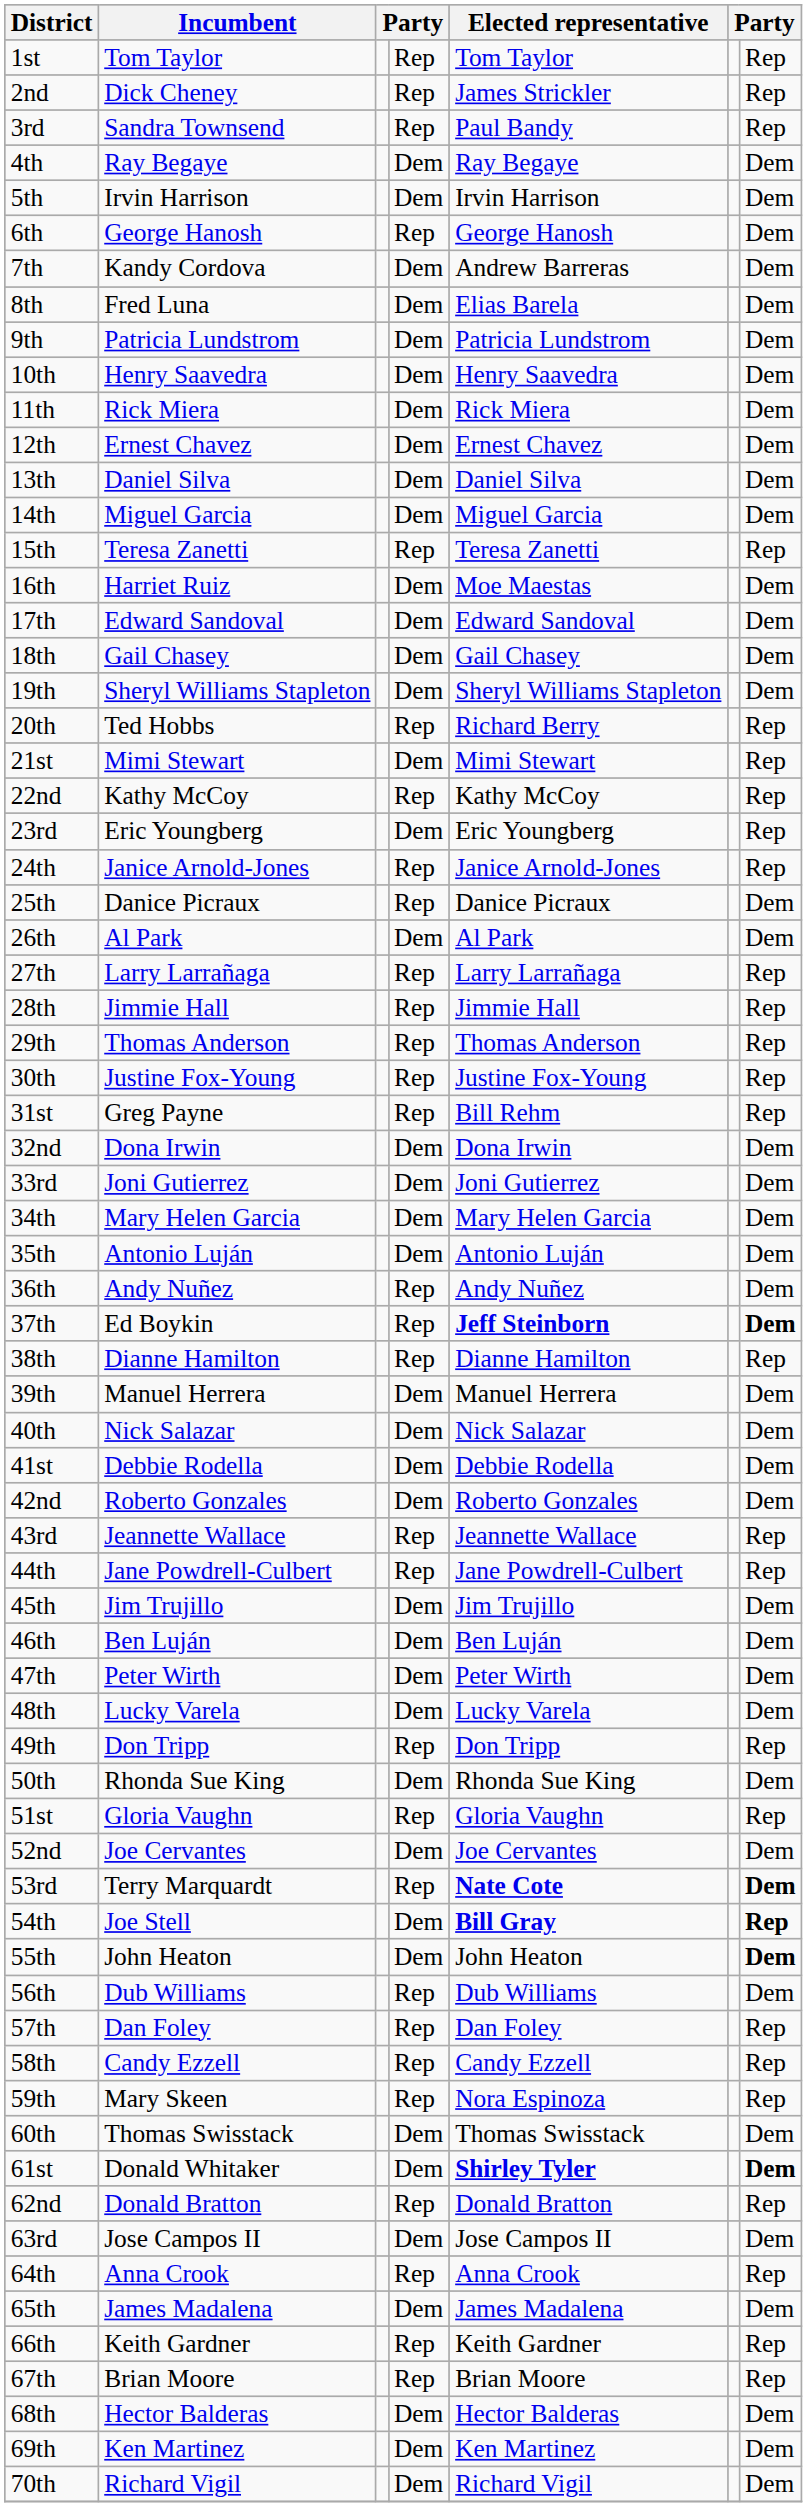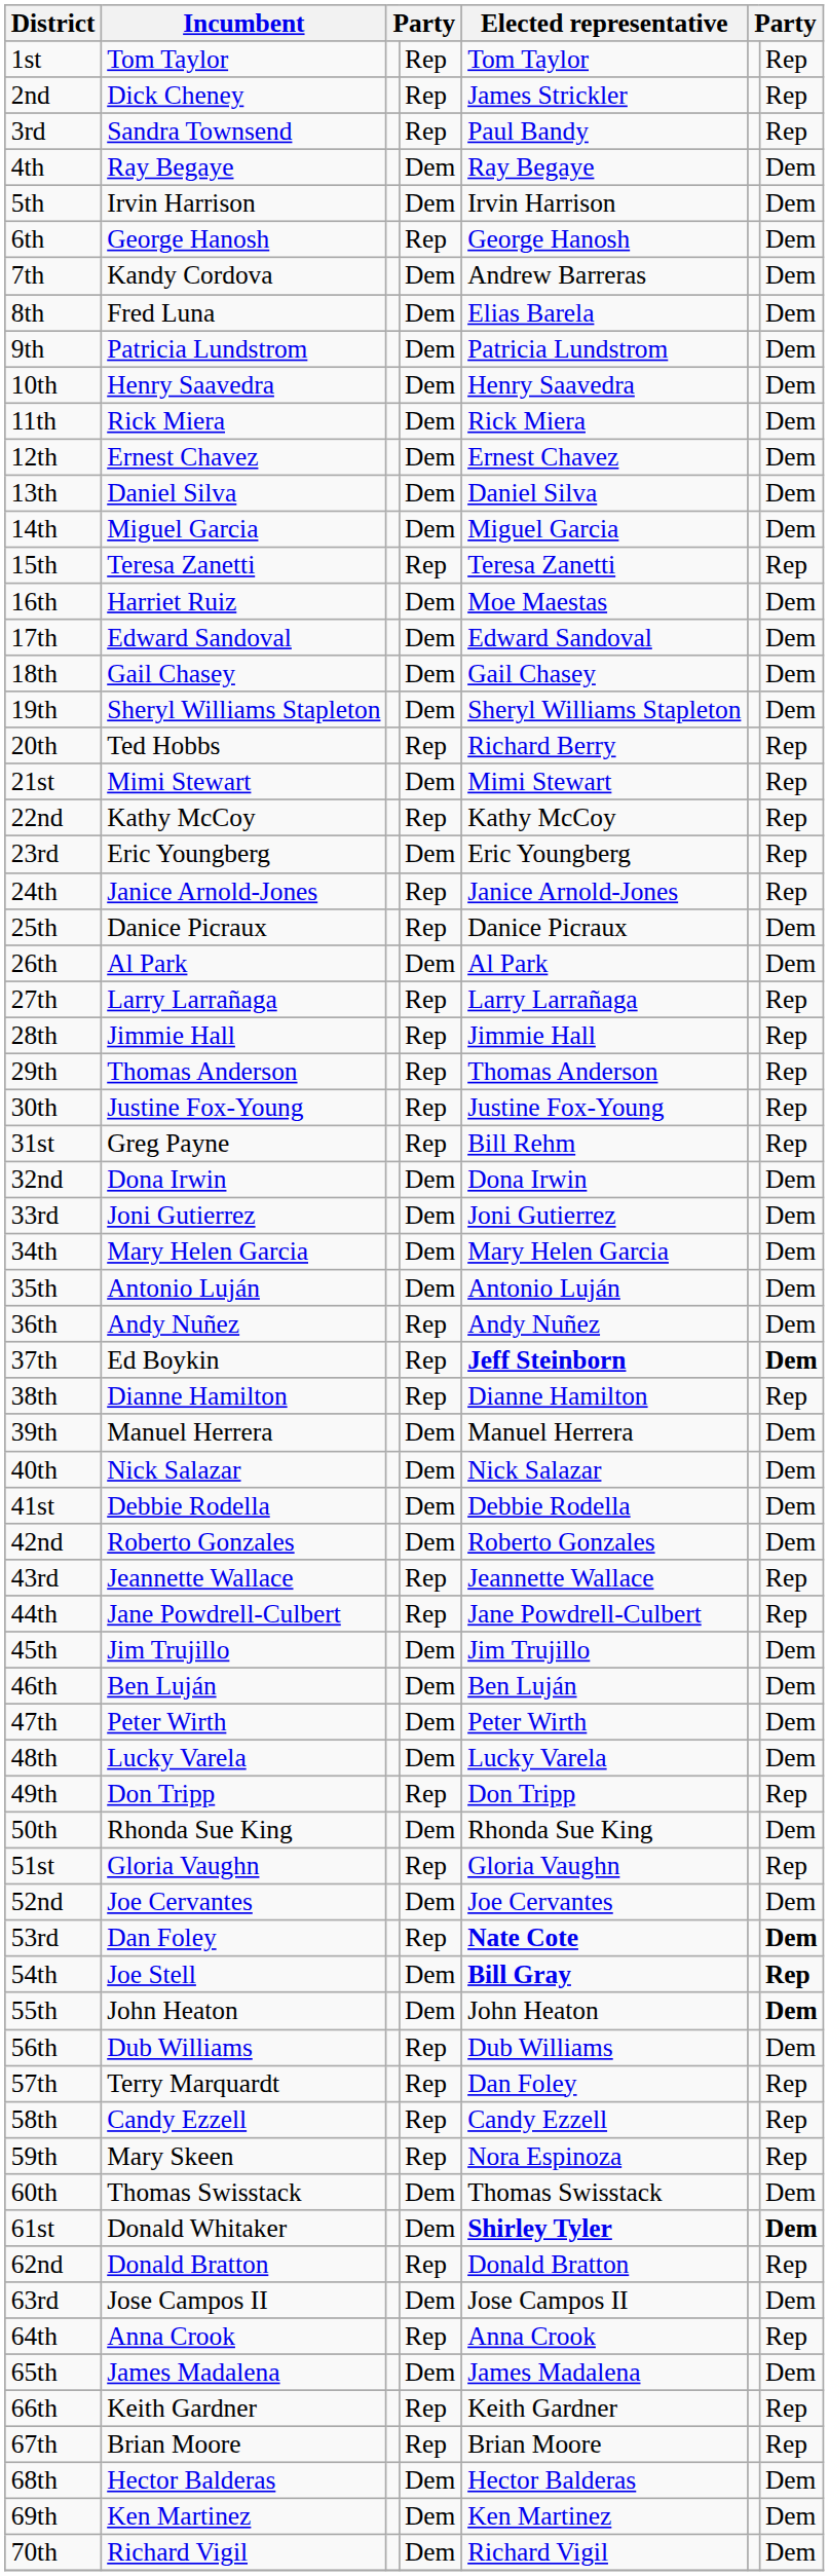 <table class=wikitable style="font-size:95%;line-height:14px;">
 <tr>
 <th>District</th>
 <th><a href='#'>Incumbent</a></th>
 <th colspan=2>Party</th>
 <th>Elected representative</th>
 <th colspan=2>Party</th>
 </tr>
 <tr>
 <td>1st</td>
 <td><a href='#'>Tom Taylor</a></td>
 <td style="background:"></td>
 <td>Rep</td>
 <td><a href='#'>Tom Taylor</a></td>
 <td style="background:"></td>
 <td>Rep</td>
 </tr>
 <tr>
 <td>2nd</td>
 <td><a href='#'>Dick Cheney</a></td>
 <td style="background:"></td>
 <td>Rep</td>
 <td><a href='#'>James Strickler</a></td>
 <td style="background:"></td>
 <td>Rep</td>
 </tr>
 <tr>
 <td>3rd</td>
 <td><a href='#'>Sandra Townsend</a></td>
 <td style="background:"></td>
 <td>Rep</td>
 <td><a href='#'>Paul Bandy</a></td>
 <td style="background:"></td>
 <td>Rep</td>
 </tr>
 <tr>
 <td>4th</td>
 <td><a href='#'>Ray Begaye</a></td>
 <td style="background:"></td>
 <td>Dem</td>
 <td><a href='#'>Ray Begaye</a></td>
 <td style="background:"></td>
 <td>Dem</td>
 </tr>
 <tr>
 <td>5th</td>
 <td>Irvin Harrison</td>
 <td style="background:"></td>
 <td>Dem</td>
 <td>Irvin Harrison</td>
 <td style="background:"></td>
 <td>Dem</td>
 </tr>
 <tr>
 <td>6th</td>
 <td><a href='#'>George Hanosh</a></td>
 <td style="background:"></td>
 <td>Rep</td>
 <td><a href='#'>George Hanosh</a></td>
 <td style="background:"></td>
 <td>Dem</td>
 </tr>
 <tr>
 <td>7th</td>
 <td>Kandy Cordova</td>
 <td style="background:"></td>
 <td>Dem</td>
 <td>Andrew Barreras</td>
 <td style="background:"></td>
 <td>Dem</td>
 </tr>
 <tr>
 <td>8th</td>
 <td>Fred Luna</td>
 <td style="background:"></td>
 <td>Dem</td>
 <td><a href='#'>Elias Barela</a></td>
 <td style="background:"></td>
 <td>Dem</td>
 </tr>
 <tr>
 <td>9th</td>
 <td><a href='#'>Patricia Lundstrom</a></td>
 <td style="background:"></td>
 <td>Dem</td>
 <td><a href='#'>Patricia Lundstrom</a></td>
 <td style="background:"></td>
 <td>Dem</td>
 </tr>
 <tr>
 <td>10th</td>
 <td><a href='#'>Henry Saavedra</a></td>
 <td style="background:"></td>
 <td>Dem</td>
 <td><a href='#'>Henry Saavedra</a></td>
 <td style="background:"></td>
 <td>Dem</td>
 </tr>
 <tr>
 <td>11th</td>
 <td><a href='#'>Rick Miera</a></td>
 <td style="background:"></td>
 <td>Dem</td>
 <td><a href='#'>Rick Miera</a></td>
 <td style="background:"></td>
 <td>Dem</td>
 </tr>
 <tr>
 <td>12th</td>
 <td><a href='#'>Ernest Chavez</a></td>
 <td style="background:"></td>
 <td>Dem</td>
 <td><a href='#'>Ernest Chavez</a></td>
 <td style="background:"></td>
 <td>Dem</td>
 </tr>
 <tr>
 <td>13th</td>
 <td><a href='#'>Daniel Silva</a></td>
 <td style="background:"></td>
 <td>Dem</td>
 <td><a href='#'>Daniel Silva</a></td>
 <td style="background:"></td>
 <td>Dem</td>
 </tr>
 <tr>
 <td>14th</td>
 <td><a href='#'>Miguel Garcia</a></td>
 <td style="background:"></td>
 <td>Dem</td>
 <td><a href='#'>Miguel Garcia</a></td>
 <td style="background:"></td>
 <td>Dem</td>
 </tr>
 <tr>
 <td>15th</td>
 <td><a href='#'>Teresa Zanetti</a></td>
 <td style="background:"></td>
 <td>Rep</td>
 <td><a href='#'>Teresa Zanetti</a></td>
 <td style="background:"></td>
 <td>Rep</td>
 </tr>
 <tr>
 <td>16th</td>
 <td><a href='#'>Harriet Ruiz</a></td>
 <td style="background:"></td>
 <td>Dem</td>
 <td><a href='#'>Moe Maestas</a></td>
 <td style="background:"></td>
 <td>Dem</td>
 </tr>
 <tr>
 <td>17th</td>
 <td><a href='#'>Edward Sandoval</a></td>
 <td style="background:"></td>
 <td>Dem</td>
 <td><a href='#'>Edward Sandoval</a></td>
 <td style="background:"></td>
 <td>Dem</td>
 </tr>
 <tr>
 <td>18th</td>
 <td><a href='#'>Gail Chasey</a></td>
 <td style="background:"></td>
 <td>Dem</td>
 <td><a href='#'>Gail Chasey</a></td>
 <td style="background:"></td>
 <td>Dem</td>
 </tr>
 <tr>
 <td>19th</td>
 <td><a href='#'>Sheryl Williams Stapleton</a></td>
 <td style="background:"></td>
 <td>Dem</td>
 <td><a href='#'>Sheryl Williams Stapleton</a></td>
 <td style="background:"></td>
 <td>Dem</td>
 </tr>
 <tr>
 <td>20th</td>
 <td>Ted Hobbs</td>
 <td style="background:"></td>
 <td>Rep</td>
 <td><a href='#'>Richard Berry</a></td>
 <td style="background:"></td>
 <td>Rep</td>
 </tr>
 <tr>
 <td>21st</td>
 <td><a href='#'>Mimi Stewart</a></td>
 <td style="background:"></td>
 <td>Dem</td>
 <td><a href='#'>Mimi Stewart</a></td>
 <td style="background:"></td>
 <td>Rep</td>
 </tr>
 <tr>
 <td>22nd</td>
 <td>Kathy McCoy</td>
 <td style="background:"></td>
 <td>Rep</td>
 <td>Kathy McCoy</td>
 <td style="background:"></td>
 <td>Rep</td>
 </tr>
 <tr>
 <td>23rd</td>
 <td>Eric Youngberg</td>
 <td style="background:"></td>
 <td>Dem</td>
 <td>Eric Youngberg</td>
 <td style="background:"></td>
 <td>Rep</td>
 </tr>
 <tr>
 <td>24th</td>
 <td><a href='#'>Janice Arnold-Jones</a></td>
 <td style="background:"></td>
 <td>Rep</td>
 <td><a href='#'>Janice Arnold-Jones</a></td>
 <td style="background:"></td>
 <td>Rep</td>
 </tr>
 <tr>
 <td>25th</td>
 <td>Danice Picraux</td>
 <td style="background:"></td>
 <td>Rep</td>
 <td>Danice Picraux</td>
 <td style="background:"></td>
 <td>Dem</td>
 </tr>
 <tr>
 <td>26th</td>
 <td><a href='#'>Al Park</a></td>
 <td style="background:"></td>
 <td>Dem</td>
 <td><a href='#'>Al Park</a></td>
 <td style="background:"></td>
 <td>Dem</td>
 </tr>
 <tr>
 <td>27th</td>
 <td><a href='#'>Larry Larrañaga</a></td>
 <td style="background:"></td>
 <td>Rep</td>
 <td><a href='#'>Larry Larrañaga</a></td>
 <td style="background:"></td>
 <td>Rep</td>
 </tr>
 <tr>
 <td>28th</td>
 <td><a href='#'>Jimmie Hall</a></td>
 <td style="background:"></td>
 <td>Rep</td>
 <td><a href='#'>Jimmie Hall</a></td>
 <td style="background:"></td>
 <td>Rep</td>
 </tr>
 <tr>
 <td>29th</td>
 <td><a href='#'>Thomas Anderson</a></td>
 <td style="background:"></td>
 <td>Rep</td>
 <td><a href='#'>Thomas Anderson</a></td>
 <td style="background:"></td>
 <td>Rep</td>
 </tr>
 <tr>
 <td>30th</td>
 <td><a href='#'>Justine Fox-Young</a></td>
 <td style="background:"></td>
 <td>Rep</td>
 <td><a href='#'>Justine Fox-Young</a></td>
 <td style="background:"></td>
 <td>Rep</td>
 </tr>
 <tr>
 <td>31st</td>
 <td>Greg Payne</td>
 <td style="background:"></td>
 <td>Rep</td>
 <td><a href='#'>Bill Rehm</a></td>
 <td style="background:"></td>
 <td>Rep</td>
 </tr>
 <tr>
 <td>32nd</td>
 <td><a href='#'>Dona Irwin</a></td>
 <td style="background:"></td>
 <td>Dem</td>
 <td><a href='#'>Dona Irwin</a></td>
 <td style="background:"></td>
 <td>Dem</td>
 </tr>
 <tr>
 <td>33rd</td>
 <td><a href='#'>Joni Gutierrez</a></td>
 <td style="background:"></td>
 <td>Dem</td>
 <td><a href='#'>Joni Gutierrez</a></td>
 <td style="background:"></td>
 <td>Dem</td>
 </tr>
 <tr>
 <td>34th</td>
 <td><a href='#'>Mary Helen Garcia</a></td>
 <td style="background:"></td>
 <td>Dem</td>
 <td><a href='#'>Mary Helen Garcia</a></td>
 <td style="background:"></td>
 <td>Dem</td>
 </tr>
 <tr>
 <td>35th</td>
 <td><a href='#'>Antonio Luján</a></td>
 <td style="background:"></td>
 <td>Dem</td>
 <td><a href='#'>Antonio Luján</a></td>
 <td style="background:"></td>
 <td>Dem</td>
 </tr>
 <tr>
 <td>36th</td>
 <td><a href='#'>Andy Nuñez</a></td>
 <td style="background:"></td>
 <td>Rep</td>
 <td><a href='#'>Andy Nuñez</a></td>
 <td style="background:"></td>
 <td>Dem</td>
 </tr>
 <tr>
 <td>37th</td>
 <td>Ed Boykin</td>
 <td style="background:"></td>
 <td>Rep</td>
 <td><strong><a href='#'>Jeff Steinborn</a></strong></td>
 <td style="background:"></td>
 <td><strong>Dem</strong></td>
 </tr>
 <tr>
 <td>38th</td>
 <td><a href='#'>Dianne Hamilton</a></td>
 <td style="background:"></td>
 <td>Rep</td>
 <td><a href='#'>Dianne Hamilton</a></td>
 <td style="background:"></td>
 <td>Rep</td>
 </tr>
 <tr>
 <td>39th</td>
 <td>Manuel Herrera</td>
 <td style="background:"></td>
 <td>Dem</td>
 <td>Manuel Herrera</td>
 <td style="background:"></td>
 <td>Dem</td>
 </tr>
 <tr>
 <td>40th</td>
 <td><a href='#'>Nick Salazar</a></td>
 <td style="background:"></td>
 <td>Dem</td>
 <td><a href='#'>Nick Salazar</a></td>
 <td style="background:"></td>
 <td>Dem</td>
 </tr>
 <tr>
 <td>41st</td>
 <td><a href='#'>Debbie Rodella</a></td>
 <td style="background:"></td>
 <td>Dem</td>
 <td><a href='#'>Debbie Rodella</a></td>
 <td style="background:"></td>
 <td>Dem</td>
 </tr>
 <tr>
 <td>42nd</td>
 <td><a href='#'>Roberto Gonzales</a></td>
 <td style="background:"></td>
 <td>Dem</td>
 <td><a href='#'>Roberto Gonzales</a></td>
 <td style="background:"></td>
 <td>Dem</td>
 </tr>
 <tr>
 <td>43rd</td>
 <td><a href='#'>Jeannette Wallace</a></td>
 <td style="background:"></td>
 <td>Rep</td>
 <td><a href='#'>Jeannette Wallace</a></td>
 <td style="background:"></td>
 <td>Rep</td>
 </tr>
 <tr>
 <td>44th</td>
 <td><a href='#'>Jane Powdrell-Culbert</a></td>
 <td style="background:"></td>
 <td>Rep</td>
 <td><a href='#'>Jane Powdrell-Culbert</a></td>
 <td style="background:"></td>
 <td>Rep</td>
 </tr>
 <tr>
 <td>45th</td>
 <td><a href='#'>Jim Trujillo</a></td>
 <td style="background:"></td>
 <td>Dem</td>
 <td><a href='#'>Jim Trujillo</a></td>
 <td style="background:"></td>
 <td>Dem</td>
 </tr>
 <tr>
 <td>46th</td>
 <td><a href='#'>Ben Luján</a></td>
 <td style="background:"></td>
 <td>Dem</td>
 <td><a href='#'>Ben Luján</a></td>
 <td style="background:"></td>
 <td>Dem</td>
 </tr>
 <tr>
 <td>47th</td>
 <td><a href='#'>Peter Wirth</a></td>
 <td style="background:"></td>
 <td>Dem</td>
 <td><a href='#'>Peter Wirth</a></td>
 <td style="background:"></td>
 <td>Dem</td>
 </tr>
 <tr>
 <td>48th</td>
 <td><a href='#'>Lucky Varela</a></td>
 <td style="background:"></td>
 <td>Dem</td>
 <td><a href='#'>Lucky Varela</a></td>
 <td style="background:"></td>
 <td>Dem</td>
 </tr>
 <tr>
 <td>49th</td>
 <td><a href='#'>Don Tripp</a></td>
 <td style="background:"></td>
 <td>Rep</td>
 <td><a href='#'>Don Tripp</a></td>
 <td style="background:"></td>
 <td>Rep</td>
 </tr>
 <tr>
 <td>50th</td>
 <td>Rhonda Sue King</td>
 <td style="background:"></td>
 <td>Dem</td>
 <td>Rhonda Sue King</td>
 <td style="background:"></td>
 <td>Dem</td>
 </tr>
 <tr>
 <td>51st</td>
 <td><a href='#'>Gloria Vaughn</a></td>
 <td style="background:"></td>
 <td>Rep</td>
 <td><a href='#'>Gloria Vaughn</a></td>
 <td style="background:"></td>
 <td>Rep</td>
 </tr>
 <tr>
 <td>52nd</td>
 <td><a href='#'>Joe Cervantes</a></td>
 <td style="background:"></td>
 <td>Dem</td>
 <td><a href='#'>Joe Cervantes</a></td>
 <td style="background:"></td>
 <td>Dem</td>
 </tr>
 <tr>
 <td>53rd</td>
-<td>Terry Marquardt</td>
+<td><a href='#'>Dan Foley</a></td>
 <td style="background:"></td>
 <td>Rep</td>
 <td><strong><a href='#'>Nate Cote</a></strong></td>
 <td style="background:"></td>
 <td><strong>Dem</strong></td>
 </tr>
 <tr>
 <td>54th</td>
 <td><a href='#'>Joe Stell</a></td>
 <td style="background:"></td>
 <td>Dem</td>
 <td><strong><a href='#'>Bill Gray</a></strong></td>
 <td style="background:"></td>
 <td><strong>Rep</strong></td>
 </tr>
 <tr>
 <td>55th</td>
 <td>John Heaton</td>
 <td style="background:"></td>
 <td>Dem</td>
 <td>John Heaton</td>
 <td style="background:"></td>
 <td><strong>Dem</strong></td>
 </tr>
 <tr>
 <td>56th</td>
 <td><a href='#'>Dub Williams</a></td>
 <td style="background:"></td>
 <td>Rep</td>
 <td><a href='#'>Dub Williams</a></td>
 <td style="background:"></td>
 <td>Dem</td>
 </tr>
 <tr>
 <td>57th</td>
-<td><a href='#'>Dan Foley</a></td>
+<td>Terry Marquardt</td>
 <td style="background:"></td>
 <td>Rep</td>
 <td><a href='#'>Dan Foley</a></td>
 <td style="background:"></td>
 <td>Rep</td>
 </tr>
 <tr>
 <td>58th</td>
 <td><a href='#'>Candy Ezzell</a></td>
 <td style="background:"></td>
 <td>Rep</td>
 <td><a href='#'>Candy Ezzell</a></td>
 <td style="background:"></td>
 <td>Rep</td>
 </tr>
 <tr>
 <td>59th</td>
 <td>Mary Skeen</td>
 <td style="background:"></td>
 <td>Rep</td>
 <td><a href='#'>Nora Espinoza</a></td>
 <td style="background:"></td>
 <td>Rep</td>
 </tr>
 <tr>
 <td>60th</td>
 <td>Thomas Swisstack</td>
 <td style="background:"></td>
 <td>Dem</td>
 <td>Thomas Swisstack</td>
 <td style="background:"></td>
 <td>Dem</td>
 </tr>
 <tr>
 <td>61st</td>
 <td>Donald Whitaker</td>
 <td style="background:"></td>
 <td>Dem</td>
 <td><strong><a href='#'>Shirley Tyler</a></strong></td>
 <td style="background:"></td>
 <td><strong>Dem</strong></td>
 </tr>
 <tr>
 <td>62nd</td>
 <td><a href='#'>Donald Bratton</a></td>
 <td style="background:"></td>
 <td>Rep</td>
 <td><a href='#'>Donald Bratton</a></td>
 <td style="background:"></td>
 <td>Rep</td>
 </tr>
 <tr>
 <td>63rd</td>
 <td>Jose Campos II</td>
 <td style="background:"></td>
 <td>Dem</td>
 <td>Jose Campos II</td>
 <td style="background:"></td>
 <td>Dem</td>
 </tr>
 <tr>
 <td>64th</td>
 <td><a href='#'>Anna Crook</a></td>
 <td style="background:"></td>
 <td>Rep</td>
 <td><a href='#'>Anna Crook</a></td>
 <td style="background:"></td>
 <td>Rep</td>
 </tr>
 <tr>
 <td>65th</td>
 <td><a href='#'>James Madalena</a></td>
 <td style="background:"></td>
 <td>Dem</td>
 <td><a href='#'>James Madalena</a></td>
 <td style="background:"></td>
 <td>Dem</td>
 </tr>
 <tr>
 <td>66th</td>
 <td>Keith Gardner</td>
 <td style="background:"></td>
 <td>Rep</td>
 <td>Keith Gardner</td>
 <td style="background:"></td>
 <td>Rep</td>
 </tr>
 <tr>
 <td>67th</td>
 <td>Brian Moore</td>
 <td style="background:"></td>
 <td>Rep</td>
 <td>Brian Moore</td>
 <td style="background:"></td>
 <td>Rep</td>
 </tr>
 <tr>
 <td>68th</td>
 <td><a href='#'>Hector Balderas</a></td>
 <td style="background:"></td>
 <td>Dem</td>
 <td><a href='#'>Hector Balderas</a></td>
 <td style="background:"></td>
 <td>Dem</td>
 </tr>
 <tr>
 <td>69th</td>
 <td><a href='#'>Ken Martinez</a></td>
 <td style="background:"></td>
 <td>Dem</td>
 <td><a href='#'>Ken Martinez</a></td>
 <td style="background:"></td>
 <td>Dem</td>
 </tr>
 <tr>
 <td>70th</td>
 <td><a href='#'>Richard Vigil</a></td>
 <td style="background:"></td>
 <td>Dem</td>
 <td><a href='#'>Richard Vigil</a></td>
 <td style="background:"></td>
 <td>Dem</td>
 </tr>
 <tr>
 </tr>
 </table>
